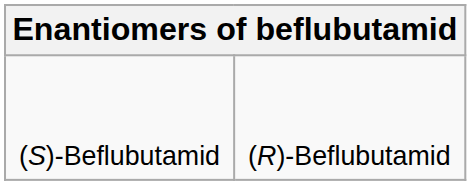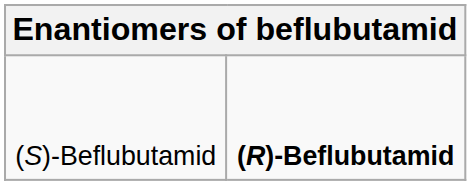 <table class="wikitable" style="text-align:center">
 <tr>
 <th colspan="2">Enantiomers of beflubutamid</th>
 </tr>
 <tr>
 <td><br><br><small>(<em>S</em>)-Beflubutamid</small></td>
-<td><br><br><small>(<em>R</em>)-Beflubutamid</small></td>
+<td><strong><br><br><small>(<em>R</em>)-Beflubutamid</small></strong></td>
 </tr>
 </table>
